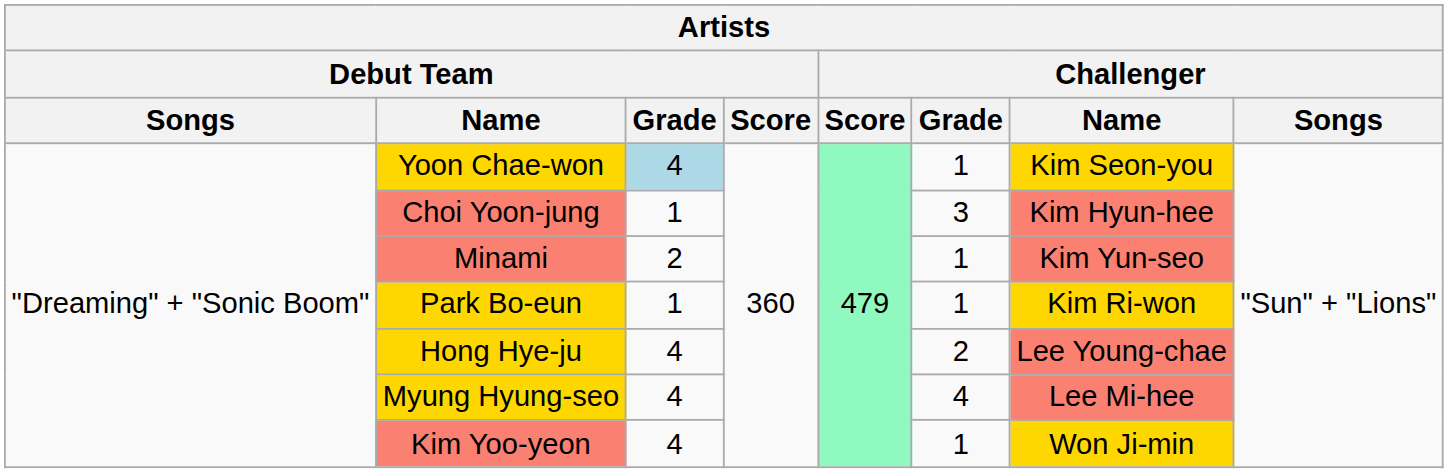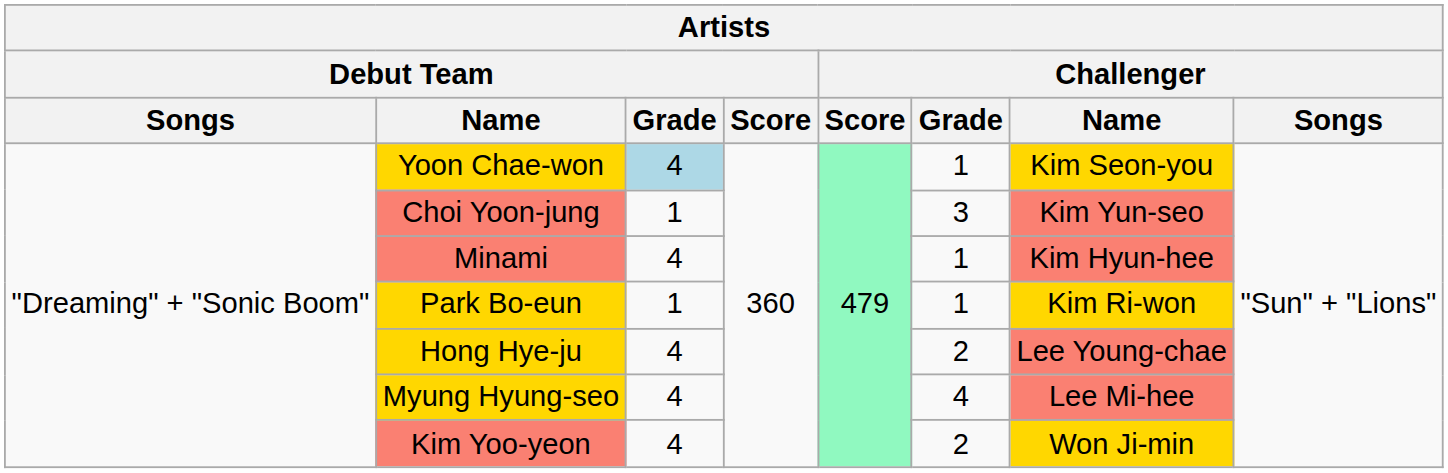 <table class="wikitable" style="text-align: center">
 <tr>
 <th colspan="8">Artists</th>
 </tr>
 <tr>
 <th colspan="4">Debut Team</th>
 <th colspan="4">Challenger</th>
 </tr>
 <tr>
 <th>Songs</th>
 <th>Name</th>
 <th>Grade</th>
 <th>Score</th>
 <th>Score</th>
 <th>Grade</th>
 <th>Name</th>
 <th>Songs</th>
 </tr>
 <tr>
 <td rowspan="7">"Dreaming" + "Sonic Boom"</td>
 <td style="background:gold;">Yoon Chae-won</td>
 <td style="background: lightblue;">4</td>
 <td rowspan="7">360</td>
 <td rowspan="7" style="background:#90F9C0;">479</td>
 <td>1</td>
 <td style="background:gold;">Kim Seon-you</td>
 <td rowspan="7">"Sun" + "Lions"</td>
 </tr>
 <tr>
 <td style="background:salmon;">Choi Yoon-jung</td>
 <td>1</td>
 <td>3</td>
-<td style="background:salmon;">Kim Hyun-hee</td>
+<td style="background:salmon;">Kim Yun-seo</td>
 </tr>
 <tr>
 <td style="background:salmon;">Minami</td>
-<td>2</td>
+<td>4</td>
 <td>1</td>
-<td style="background:salmon;">Kim Yun-seo</td>
+<td style="background:salmon;">Kim Hyun-hee</td>
 </tr>
 <tr>
 <td style="background:gold;">Park Bo-eun</td>
 <td>1</td>
 <td>1</td>
 <td style="background:gold;">Kim Ri-won</td>
 </tr>
 <tr>
 <td style="background:gold;">Hong Hye-ju</td>
 <td>4</td>
 <td>2</td>
 <td style="background:salmon;">Lee Young-chae</td>
 </tr>
 <tr>
 <td style="background:gold;">Myung Hyung-seo</td>
 <td>4</td>
 <td>4</td>
 <td style="background:salmon;">Lee Mi-hee</td>
 </tr>
 <tr>
 <td style="background:salmon;">Kim Yoo-yeon</td>
 <td>4</td>
-<td>1</td>
+<td>2</td>
 <td style="background:gold;">Won Ji-min</td>
 </tr>
 </table>
